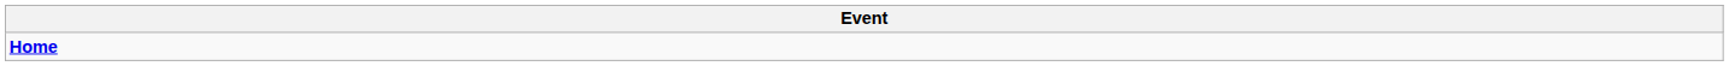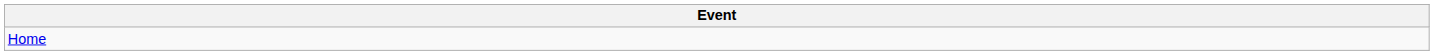 <table class="wikitable" width="100%">
 <tr>
 <th style="width:6%">Event</th>
 </tr>
 <tr>
-<td><strong><a href='#'>Home</a></strong></td>
+<td><a href='#'>Home</a></td>
 </tr>
 </table>
